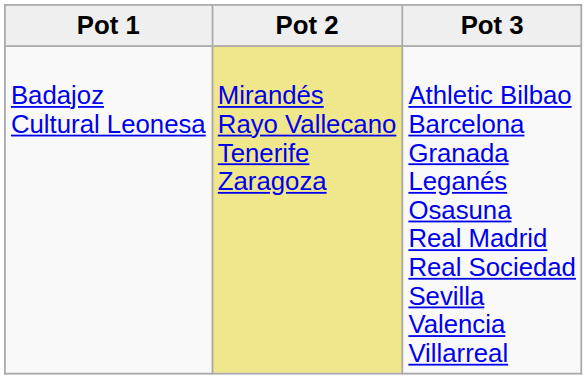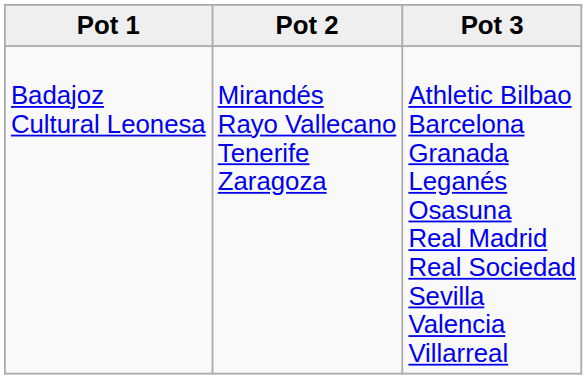 <table class="wikitable" style="font-size:90%">
 <tr bgcolor=#efefef align=center>
 <td><strong>Pot 1</strong><br></td>
 <td><strong>Pot 2</strong><br></td>
 <td><strong>Pot 3</strong><br></td>
 </tr>
 <tr valign=top>
 <td><br><a href='#'>Badajoz</a><br> <a href='#'>Cultural Leonesa</a></td>
-<td style="background: khaki;"><br><a href='#'>Mirandés</a><br> <a href='#'>Rayo Vallecano</a><br> <a href='#'>Tenerife</a><br> <a href='#'>Zaragoza</a></td>
+<td><br><a href='#'>Mirandés</a><br> <a href='#'>Rayo Vallecano</a><br> <a href='#'>Tenerife</a><br> <a href='#'>Zaragoza</a></td>
 <td><br><a href='#'>Athletic Bilbao</a><br> <a href='#'>Barcelona</a><br> <a href='#'>Granada</a><br> <a href='#'>Leganés</a><br> <a href='#'>Osasuna</a><br> <a href='#'>Real Madrid</a><br> <a href='#'>Real Sociedad</a><br> <a href='#'>Sevilla</a><br> <a href='#'>Valencia</a><br> <a href='#'>Villarreal</a></td>
 </tr>
 </table>
